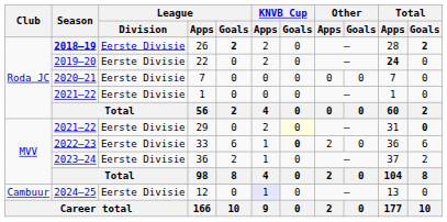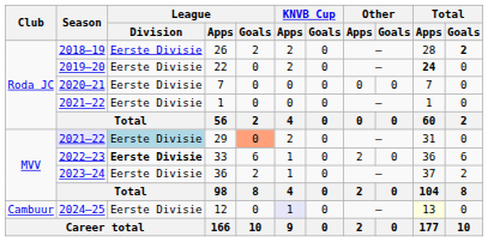 <table class="wikitable" style="text-align:center">
 <tr>
 <th rowspan="2">Club</th>
 <th rowspan="2">Season</th>
 <th colspan="3">League</th>
 <th colspan="2"><a href='#'>KNVB Cup</a></th>
 <th colspan="2">Other</th>
 <th colspan="2">Total</th>
 </tr>
 <tr>
 <th>Division</th>
 <th>Apps</th>
 <th>Goals</th>
 <th>Apps</th>
 <th>Goals</th>
 <th>Apps</th>
 <th>Goals</th>
 <th>Apps</th>
 <th>Goals</th>
 </tr>
 <tr>
 <td rowspan="5"><a href='#'>Roda JC</a></td>
-<td><strong><a href='#'>2018–19</a></strong></td>
+<td><a href='#'>2018–19</a></td>
 <td><a href='#'>Eerste Divisie</a></td>
 <td>26</td>
-<td><strong>2</strong></td>
+<td>2</td>
 <td>2</td>
 <td>0</td>
 <td colspan="2">—</td>
 <td>28</td>
 <td><strong>2</strong></td>
 </tr>
 <tr>
 <td><a href='#'>2019–20</a></td>
 <td>Eerste Divisie</td>
 <td>22</td>
 <td>0</td>
 <td>2</td>
 <td>0</td>
 <td colspan="2">—</td>
 <td><strong>24</strong></td>
 <td>0</td>
 </tr>
 <tr>
 <td><a href='#'>2020–21</a></td>
 <td>Eerste Divisie</td>
 <td>7</td>
 <td>0</td>
 <td>0</td>
 <td>0</td>
 <td>0</td>
 <td>0</td>
 <td>7</td>
 <td>0</td>
 </tr>
 <tr>
 <td><a href='#'>2021–22</a></td>
 <td>Eerste Divisie</td>
 <td>1</td>
 <td>0</td>
 <td>0</td>
 <td>0</td>
 <td colspan="2">—</td>
 <td>1</td>
 <td>0</td>
 </tr>
 <tr>
 <th colspan="2">Total</th>
 <th>56</th>
 <th>2</th>
 <th>4</th>
 <th>0</th>
 <th>0</th>
 <th>0</th>
 <th>60</th>
 <th>2</th>
 </tr>
 <tr>
 <td rowspan="4"><a href='#'>MVV</a></td>
-<td><a href='#'>2021–22</a></td>
-<td>Eerste Divisie</td>
+<td style="background: lavender;"><a href='#'>2021–22</a></td>
+<td style="background: lightblue;">Eerste Divisie</td>
 <td>29</td>
+<td style="background: lightsalmon;">0</td>
+<td>2</td>
 <td>0</td>
-<td>2</td>
-<td style="background: lightyellow;">0</td>
 <td colspan="2">—</td>
 <td>31</td>
-<td><strong>0</strong></td>
+<td>0</td>
 </tr>
 <tr>
 <td><a href='#'>2022–23</a></td>
-<td>Eerste Divisie</td>
+<td><strong>Eerste Divisie</strong></td>
 <td>33</td>
 <td>6</td>
 <td>1</td>
-<td><strong>0</strong></td>
+<td>0</td>
 <td>2</td>
 <td>0</td>
 <td>36</td>
 <td>6</td>
 </tr>
 <tr>
 <td><a href='#'>2023–24</a></td>
 <td>Eerste Divisie</td>
 <td>36</td>
 <td>2</td>
 <td>1</td>
 <td>0</td>
 <td colspan="2">—</td>
 <td>37</td>
 <td>2</td>
 </tr>
 <tr>
 <th colspan="2">Total</th>
 <th>98</th>
 <th>8</th>
 <th>4</th>
 <th>0</th>
 <th>2</th>
 <th>0</th>
 <th>104</th>
 <th>8</th>
 </tr>
 <tr>
 <td rowspan="1"><a href='#'>Cambuur</a></td>
 <td><a href='#'>2024–25</a></td>
 <td>Eerste Divisie</td>
 <td>12</td>
 <td>0</td>
 <td style="background: lavender;">1</td>
 <td>0</td>
 <td colspan="2">—</td>
-<td>13</td>
+<td style="background: lightyellow;">13</td>
 <td>0</td>
 </tr>
 <tr>
 <th colspan="3">Career total</th>
 <th>166</th>
 <th>10</th>
 <th>9</th>
 <th>0</th>
 <th>2</th>
 <th>0</th>
 <th>177</th>
 <th>10</th>
 </tr>
 </table>
